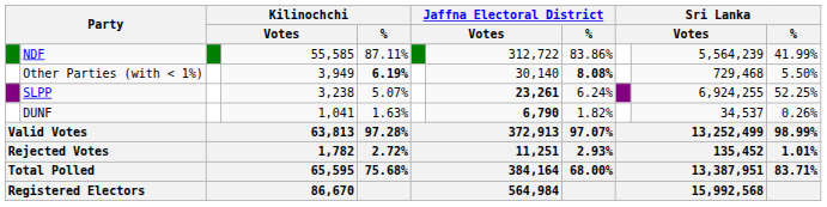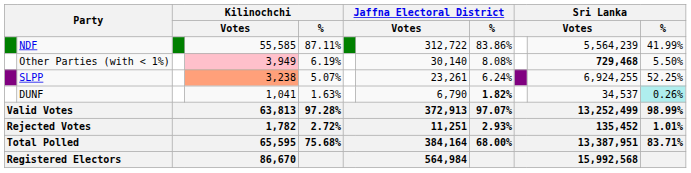 <table class="wikitable">
 <tr>
 <th colspan="2" width="144px"rowspan="2">Party</th>
 <th colspan="3" width="216px">Kilinochchi</th>
 <th colspan="3" width="216px"><a href='#'>Jaffna Electoral District</a></th>
 <th colspan="3" width="216px">Sri Lanka</th>
 </tr>
 <tr>
 <th colspan="2" width="144px">Votes</th>
 <th>%</th>
 <th colspan="2" width="144px">Votes</th>
 <th>%</th>
 <th colspan="2" width="144px">Votes</th>
 <th>%</th>
 </tr>
 <tr>
 <td style="background-color:green;" width="10px"></td>
 <td style="text-align:left;"><a href='#'>NDF</a></td>
 <td style="background-color:green;" width="10px"></td>
 <td style="text-align:right;">55,585</td>
 <td style="text-align:right;">87.11%</td>
 <td style="background-color:green;" width="10px"></td>
 <td style="text-align:right;">312,722</td>
 <td style="text-align:right;">83.86%</td>
 <td style="background-color:white;" width="10px"></td>
 <td style="text-align:right;">5,564,239</td>
 <td style="text-align:right;">41.99%</td>
 </tr>
 <tr>
 <td style="background-color:white;" width="10px"></td>
 <td style="text-align:left;">Other Parties (with < 1%)</td>
 <td style="background-color:white;" width="10px"></td>
-<td style="text-align:right;">3,949</td>
-<td style="text-align:right;"><strong>6.19%</strong></td>
+<td style="background: pink; text-align:right;">3,949</td>
+<td style="text-align:right;">6.19%</td>
 <td style="background-color:white;" width="10px"></td>
 <td style="text-align:right;">30,140</td>
-<td style="text-align:right;"><strong>8.08%</strong></td>
+<td style="text-align:right;">8.08%</td>
 <td style="background-color:white;" width="10px"></td>
-<td style="text-align:right;">729,468</td>
+<td style="text-align:right;"><strong>729,468</strong></td>
 <td style="text-align:right;">5.50%</td>
 </tr>
 <tr>
 <td style="background-color:purple;" width="10px"></td>
 <td style="text-align:left;"><a href='#'>SLPP</a></td>
 <td style="background-color:white;" width="10px"></td>
-<td style="text-align:right;">3,238</td>
+<td style="background: lightsalmon; text-align:right;">3,238</td>
 <td style="text-align:right;">5.07%</td>
 <td style="background-color:white;" width="10px"></td>
-<td style="text-align:right;"><strong>23,261</strong></td>
+<td style="text-align:right;">23,261</td>
 <td style="text-align:right;">6.24%</td>
 <td style="background-color:purple;" width="10px"></td>
 <td style="text-align:right;">6,924,255</td>
 <td style="text-align:right;">52.25%</td>
 </tr>
 <tr>
 <td style="background-color:white;" width="10px"></td>
 <td style="text-align:left;">DUNF</td>
 <td style="background-color:white;" width="10px"></td>
 <td style="text-align:right;">1,041</td>
 <td style="text-align:right;">1.63%</td>
 <td style="background-color:white;" width="10px"></td>
-<td style="text-align:right;"><strong>6,790</strong></td>
-<td style="text-align:right;">1.82%</td>
+<td style="text-align:right;">6,790</td>
+<td style="text-align:right;"><strong>1.82%</strong></td>
 <td style="background-color:white;" width="10px"></td>
 <td style="text-align:right;">34,537</td>
-<td style="text-align:right;">0.26%</td>
+<td style="background: paleturquoise; text-align:right;">0.26%</td>
 </tr>
 <tr>
 <th colspan="2" width="144px"style="text-align:left;">Valid Votes</th>
 <th style="text-align:right;"colspan="2" width="144px">63,813</th>
 <th style="text-align:right;">97.28%</th>
 <th style="text-align:right;"colspan="2" width="144px">372,913</th>
 <th style="text-align:right;">97.07%</th>
 <th style="text-align:right;"colspan="2" width="144px">13,252,499</th>
 <th style="text-align:right;">98.99%</th>
 </tr>
 <tr>
 <th colspan="2" width="144px"style="text-align:left;">Rejected Votes</th>
 <th style="text-align:right;"colspan="2" width="144px">1,782</th>
 <th style="text-align:right;">2.72%</th>
 <th style="text-align:right;"colspan="2" width="144px">11,251</th>
 <th style="text-align:right;">2.93%</th>
 <th style="text-align:right;"colspan="2" width="144px">135,452</th>
 <th style="text-align:right;">1.01%</th>
 </tr>
 <tr>
 <th colspan="2" width="144px"style="text-align:left;">Total Polled</th>
 <th style="text-align:right;"colspan="2" width="144px">65,595</th>
 <th style="text-align:right;">75.68%</th>
 <th style="text-align:right;"colspan="2" width="144px">384,164</th>
 <th style="text-align:right;">68.00%</th>
 <th style="text-align:right;"colspan="2" width="144px">13,387,951</th>
 <th style="text-align:right;">83.71%</th>
 </tr>
 <tr>
 <th colspan="2" width="144px"style="text-align:left;">Registered Electors</th>
 <th style="text-align:right;"colspan="2" width="144px">86,670</th>
 <th></th>
 <th style="text-align:right;"colspan="2" width="144px">564,984</th>
 <th></th>
 <th style="text-align:right;"colspan="2" width="144px">15,992,568</th>
 <th></th>
 </tr>
 </table>
